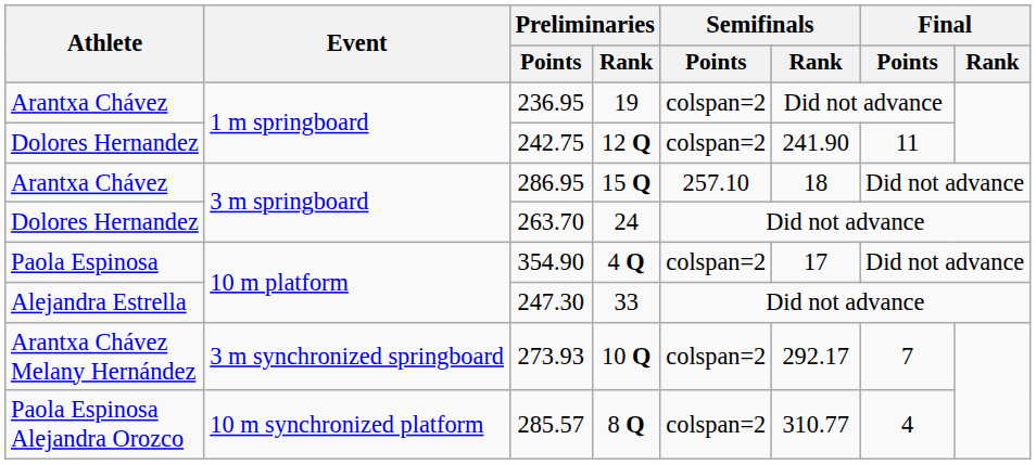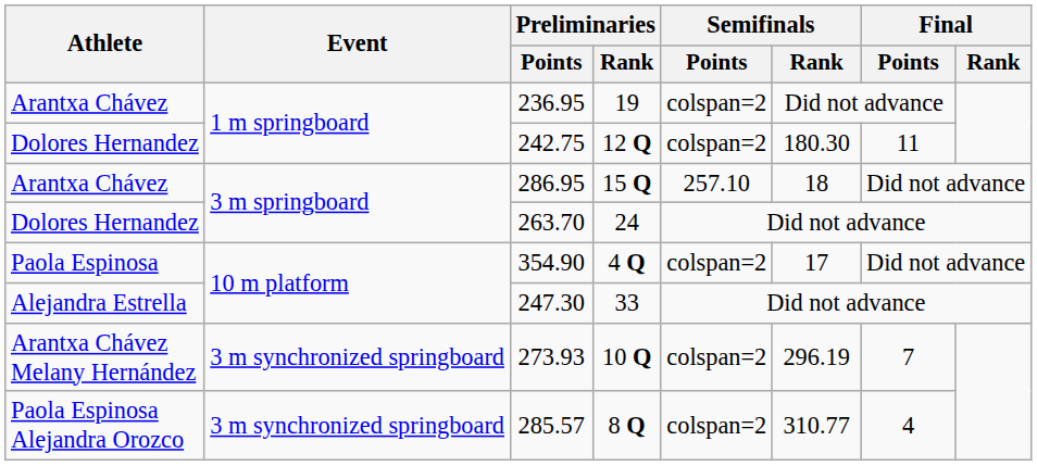 <table class=wikitable style="font-size:90%;">
 <tr>
 <th rowspan="2">Athlete</th>
 <th rowspan="2">Event</th>
 <th colspan="2">Preliminaries</th>
 <th colspan="2">Semifinals</th>
 <th colspan="2">Final</th>
 </tr>
 <tr style="font-size:95%">
 <th>Points</th>
 <th>Rank</th>
 <th>Points</th>
 <th>Rank</th>
 <th>Points</th>
 <th>Rank</th>
 </tr>
 <tr align=center>
 <td align=left><a href='#'>Arantxa Chávez</a></td>
 <td align=left rowspan=2><a href='#'>1 m springboard</a></td>
 <td>236.95</td>
 <td>19</td>
 <td>colspan=2 </td>
 <td colspan=2>Did not advance</td>
 </tr>
 <tr align=center>
 <td align=left><a href='#'>Dolores Hernandez</a></td>
 <td>242.75</td>
 <td>12 <strong>Q</strong></td>
 <td>colspan=2 </td>
-<td>241.90</td>
+<td>180.30</td>
 <td>11</td>
 </tr>
 <tr align=center>
 <td align=left><a href='#'>Arantxa Chávez</a></td>
 <td align=left rowspan=2><a href='#'>3 m springboard</a></td>
 <td>286.95</td>
 <td>15 <strong>Q</strong></td>
 <td>257.10</td>
 <td>18</td>
 <td colspan=2>Did not advance</td>
 </tr>
 <tr align=center>
 <td align=left><a href='#'>Dolores Hernandez</a></td>
 <td>263.70</td>
 <td>24</td>
 <td colspan=4>Did not advance</td>
 </tr>
 <tr align=center>
 <td align=left><a href='#'>Paola Espinosa</a></td>
 <td align=left rowspan=2><a href='#'>10 m platform</a></td>
 <td>354.90</td>
 <td>4 <strong>Q</strong></td>
 <td>colspan=2 </td>
 <td>17</td>
 <td colspan=2>Did not advance</td>
 </tr>
 <tr align=center>
 <td align=left><a href='#'>Alejandra Estrella</a></td>
 <td>247.30</td>
 <td>33</td>
 <td colspan=4>Did not advance</td>
 </tr>
 <tr align=center>
 <td align=left><a href='#'>Arantxa Chávez</a><br><a href='#'>Melany Hernández</a></td>
 <td align=left><a href='#'>3 m synchronized springboard</a></td>
 <td>273.93</td>
 <td>10 <strong>Q</strong></td>
 <td>colspan=2 </td>
-<td>292.17</td>
+<td>296.19</td>
 <td>7</td>
 </tr>
 <tr align=center>
 <td align=left><a href='#'>Paola Espinosa</a><br><a href='#'>Alejandra Orozco</a></td>
-<td align=left><a href='#'>10 m synchronized platform</a></td>
+<td align=left><a href='#'>3 m synchronized springboard</a></td>
 <td>285.57</td>
 <td>8 <strong>Q</strong></td>
 <td>colspan=2 </td>
 <td>310.77</td>
 <td>4</td>
 </tr>
 </table>
